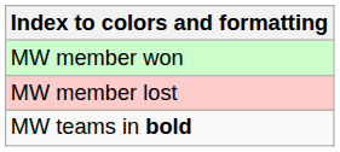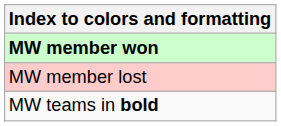 <table class="wikitable">
 <tr>
 <th>Index to colors and formatting</th>
 </tr>
 <tr style="background:#cfc;">
-<td>MW member won</td>
+<td><strong>MW member won</strong></td>
 </tr>
 <tr style="background:#fcc;">
 <td>MW member lost</td>
 </tr>
 <tr>
 <td>MW teams in <strong>bold</strong></td>
 </tr>
 </table>
